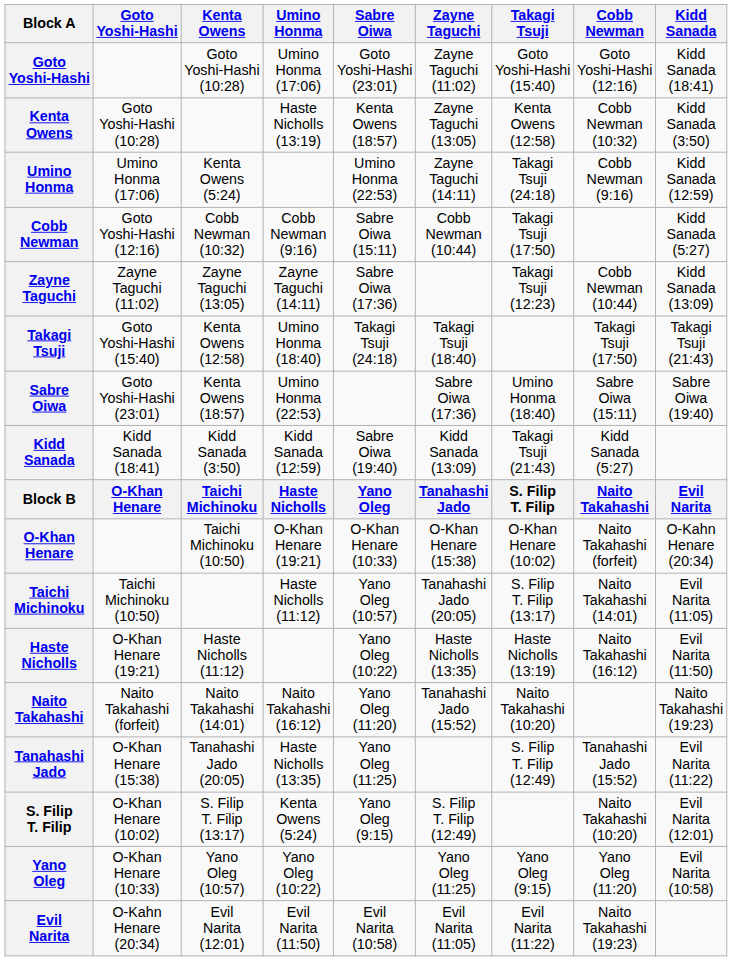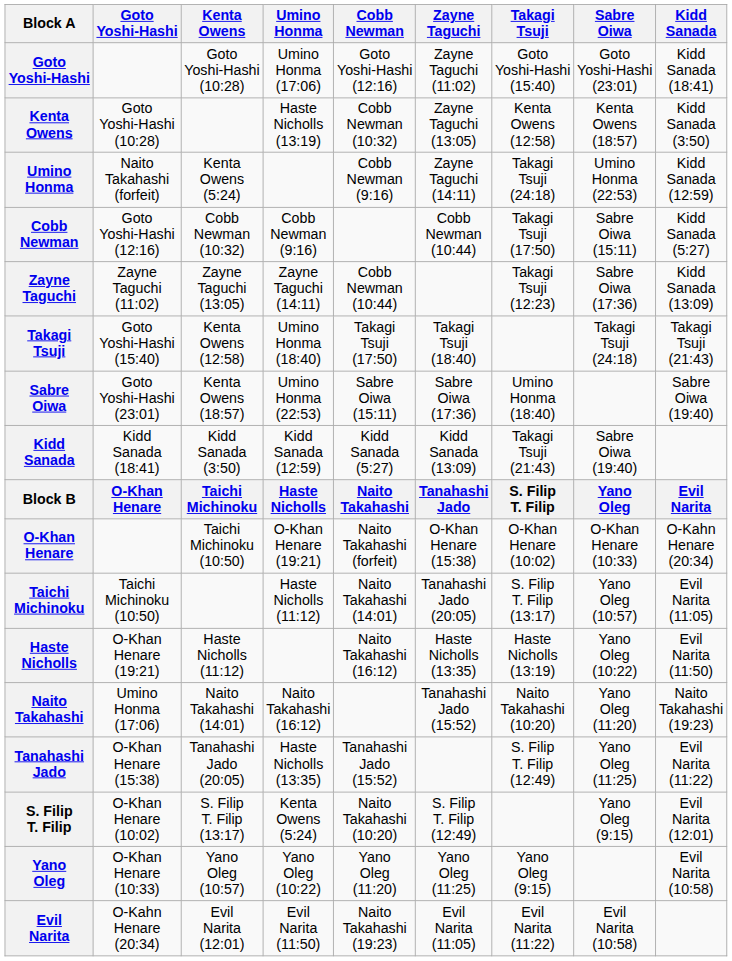 <table class="wikitable" style="text-align:center; margin: 1em auto 1em auto">
 <tr align="center">
 <th>Block A</th>
 <th><a href='#'>Goto</a><br><a href='#'>Yoshi-Hashi</a></th>
 <th><a href='#'>Kenta</a> <br> <a href='#'>Owens</a></th>
 <th><a href='#'>Umino</a> <br> <a href='#'>Honma</a></th>
-<th><a href='#'>Sabre</a> <br> <a href='#'>Oiwa</a></th>
+<th><a href='#'>Cobb</a> <br> <a href='#'>Newman</a></th>
 <th><a href='#'>Zayne</a> <br> <a href='#'>Taguchi</a></th>
 <th><a href='#'>Takagi</a> <br> <a href='#'>Tsuji</a></th>
-<th><a href='#'>Cobb</a> <br> <a href='#'>Newman</a></th>
+<th><a href='#'>Sabre</a> <br> <a href='#'>Oiwa</a></th>
 <th><a href='#'>Kidd</a> <br> <a href='#'>Sanada</a></th>
 </tr>
 <tr align="center">
 <th><a href='#'>Goto</a><br><a href='#'>Yoshi-Hashi</a></th>
 <td></td>
 <td>Goto<br>Yoshi-Hashi<br>(10:28)</td>
 <td>Umino<br>Honma<br>(17:06)</td>
-<td>Goto<br>Yoshi-Hashi<br>(23:01)</td>
+<td>Goto<br>Yoshi-Hashi<br>(12:16)</td>
 <td>Zayne<br>Taguchi<br>(11:02)</td>
 <td>Goto<br>Yoshi-Hashi<br>(15:40)</td>
-<td>Goto<br>Yoshi-Hashi<br>(12:16)</td>
+<td>Goto<br>Yoshi-Hashi<br>(23:01)</td>
 <td>Kidd<br>Sanada<br>(18:41)</td>
 </tr>
 <tr align="center">
 <th><a href='#'>Kenta</a> <br> <a href='#'>Owens</a></th>
 <td>Goto<br>Yoshi-Hashi<br>(10:28)</td>
 <td></td>
 <td>Haste<br>Nicholls<br>(13:19)</td>
-<td>Kenta<br>Owens<br>(18:57)</td>
+<td>Cobb<br>Newman<br>(10:32)</td>
 <td>Zayne<br>Taguchi<br>(13:05)</td>
 <td>Kenta<br>Owens<br>(12:58)</td>
-<td>Cobb<br>Newman<br>(10:32)</td>
+<td>Kenta<br>Owens<br>(18:57)</td>
 <td>Kidd<br>Sanada<br>(3:50)</td>
 </tr>
 <tr align="center">
 <th><a href='#'>Umino</a> <br> <a href='#'>Honma</a></th>
-<td>Umino<br>Honma<br>(17:06)</td>
+<td>Naito<br>Takahashi <br>(forfeit)</td>
 <td>Kenta<br>Owens<br>(5:24)</td>
 <td></td>
-<td>Umino<br>Honma<br>(22:53)</td>
+<td>Cobb<br>Newman<br>(9:16)</td>
 <td>Zayne<br>Taguchi<br>(14:11)</td>
 <td>Takagi<br>Tsuji<br>(24:18)</td>
-<td>Cobb<br>Newman<br>(9:16)</td>
+<td>Umino<br>Honma<br>(22:53)</td>
 <td>Kidd<br>Sanada<br>(12:59)</td>
 </tr>
 <tr align="center">
 <th><a href='#'>Cobb</a> <br> <a href='#'>Newman</a></th>
 <td>Goto<br>Yoshi-Hashi<br>(12:16)</td>
 <td>Cobb<br>Newman<br>(10:32)</td>
 <td>Cobb<br>Newman<br>(9:16)</td>
-<td>Sabre<br>Oiwa<br>(15:11)</td>
+<td></td>
 <td>Cobb<br>Newman<br>(10:44)</td>
 <td>Takagi<br>Tsuji<br>(17:50)</td>
-<td></td>
+<td>Sabre<br>Oiwa<br>(15:11)</td>
 <td>Kidd<br>Sanada<br>(5:27)</td>
 </tr>
 <tr align="center">
 <th><a href='#'>Zayne</a> <br> <a href='#'>Taguchi</a></th>
 <td>Zayne<br>Taguchi<br>(11:02)</td>
 <td>Zayne<br>Taguchi<br>(13:05)</td>
 <td>Zayne<br>Taguchi<br>(14:11)</td>
-<td>Sabre<br>Oiwa<br>(17:36)</td>
+<td>Cobb<br>Newman<br>(10:44)</td>
 <td></td>
 <td>Takagi<br>Tsuji<br>(12:23)</td>
-<td>Cobb<br>Newman<br>(10:44)</td>
+<td>Sabre<br>Oiwa<br>(17:36)</td>
 <td>Kidd<br>Sanada<br>(13:09)</td>
 </tr>
 <tr align="center">
 <th><a href='#'>Takagi</a> <br> <a href='#'>Tsuji</a></th>
 <td>Goto<br>Yoshi-Hashi<br>(15:40)</td>
 <td>Kenta<br>Owens<br>(12:58)</td>
 <td>Umino<br>Honma<br>(18:40)</td>
-<td>Takagi<br>Tsuji<br>(24:18)</td>
+<td>Takagi<br>Tsuji<br>(17:50)</td>
 <td>Takagi<br>Tsuji<br>(18:40)</td>
 <td></td>
-<td>Takagi<br>Tsuji<br>(17:50)</td>
+<td>Takagi<br>Tsuji<br>(24:18)</td>
 <td>Takagi<br>Tsuji<br>(21:43)</td>
 </tr>
 <tr align="center">
 <th><a href='#'>Sabre</a> <br>  <a href='#'>Oiwa</a></th>
 <td>Goto<br>Yoshi-Hashi<br>(23:01)</td>
 <td>Kenta<br>Owens<br>(18:57)</td>
 <td>Umino<br>Honma<br>(22:53)</td>
-<td></td>
+<td>Sabre<br>Oiwa<br>(15:11)</td>
 <td>Sabre<br>Oiwa<br>(17:36)</td>
 <td>Umino<br>Honma<br>(18:40)</td>
-<td>Sabre<br>Oiwa<br>(15:11)</td>
+<td></td>
 <td>Sabre<br>Oiwa<br>(19:40)</td>
 </tr>
 <tr align="center">
 <th><a href='#'>Kidd</a> <br> <a href='#'>Sanada</a></th>
 <td>Kidd<br>Sanada<br>(18:41)</td>
 <td>Kidd<br>Sanada<br>(3:50)</td>
 <td>Kidd<br>Sanada<br>(12:59)</td>
-<td>Sabre<br>Oiwa<br>(19:40)</td>
+<td>Kidd<br>Sanada<br>(5:27)</td>
 <td>Kidd<br>Sanada<br>(13:09)</td>
 <td>Takagi<br>Tsuji<br>(21:43)</td>
-<td>Kidd<br>Sanada<br>(5:27)</td>
+<td>Sabre<br>Oiwa<br>(19:40)</td>
 <td></td>
 </tr>
 <tr align="center">
 <th>Block B</th>
 <th><a href='#'>O-Khan</a> <br> <a href='#'>Henare</a></th>
 <th><a href='#'>Taichi</a> <br> <a href='#'>Michinoku</a></th>
 <th><a href='#'>Haste</a> <br> <a href='#'>Nicholls</a></th>
-<th><a href='#'>Yano</a> <br> <a href='#'>Oleg</a></th>
+<th><a href='#'>Naito</a> <br> <a href='#'>Takahashi</a></th>
 <th><a href='#'>Tanahashi</a> <br> <a href='#'>Jado</a></th>
 <th>S. Filip <br> T. Filip</th>
-<th><a href='#'>Naito</a> <br> <a href='#'>Takahashi</a></th>
+<th><a href='#'>Yano</a> <br> <a href='#'>Oleg</a></th>
 <th><a href='#'>Evil</a> <br> <a href='#'>Narita</a></th>
 </tr>
 <tr align="center">
 <th><a href='#'>O-Khan</a> <br> <a href='#'>Henare</a></th>
 <td></td>
 <td>Taichi<br>Michinoku<br>(10:50)</td>
 <td>O-Khan<br>Henare<br>(19:21)</td>
-<td>O-Khan<br>Henare<br>(10:33)</td>
+<td>Naito<br>Takahashi <br>(forfeit)</td>
 <td>O-Khan<br>Henare<br>(15:38)</td>
 <td>O-Khan<br>Henare<br>(10:02)</td>
-<td>Naito<br>Takahashi <br>(forfeit)</td>
+<td>O-Khan<br>Henare<br>(10:33)</td>
 <td>O-Kahn<br>Henare<br>(20:34)</td>
 </tr>
 <tr align="center">
 <th><a href='#'>Taichi</a> <br> <a href='#'>Michinoku</a></th>
 <td>Taichi<br>Michinoku<br>(10:50)</td>
 <td></td>
 <td>Haste<br>Nicholls<br>(11:12)</td>
-<td>Yano<br>Oleg<br>(10:57)</td>
+<td>Naito<br>Takahashi<br>(14:01)</td>
 <td>Tanahashi<br>Jado<br>(20:05)</td>
 <td>S. Filip<br>T. Filip<br>(13:17)</td>
-<td>Naito<br>Takahashi<br>(14:01)</td>
+<td>Yano<br>Oleg<br>(10:57)</td>
 <td>Evil<br> Narita<br> (11:05)</td>
 </tr>
 <tr align="center">
 <th><a href='#'>Haste</a> <br> <a href='#'>Nicholls</a></th>
 <td>O-Khan<br>Henare<br>(19:21)</td>
 <td>Haste<br>Nicholls<br>(11:12)</td>
 <td></td>
-<td>Yano<br>Oleg<br>(10:22)</td>
+<td>Naito<br>Takahashi<br>(16:12)</td>
 <td>Haste<br>Nicholls<br>(13:35)</td>
 <td>Haste<br>Nicholls<br>(13:19)</td>
-<td>Naito<br>Takahashi<br>(16:12)</td>
+<td>Yano<br>Oleg<br>(10:22)</td>
 <td>Evil<br>Narita<br>(11:50)</td>
 </tr>
 <tr align="center">
 <th><a href='#'>Naito</a> <br> <a href='#'>Takahashi</a></th>
-<td>Naito<br>Takahashi <br>(forfeit)</td>
+<td>Umino<br>Honma<br>(17:06)</td>
 <td>Naito<br>Takahashi<br>(14:01)</td>
 <td>Naito<br>Takahashi<br>(16:12)</td>
-<td>Yano<br>Oleg<br>(11:20)</td>
+<td></td>
 <td>Tanahashi<br>Jado<br>(15:52)</td>
 <td>Naito<br>Takahashi<br>(10:20)</td>
-<td></td>
+<td>Yano<br>Oleg<br>(11:20)</td>
 <td>Naito<br>Takahashi<br>(19:23)</td>
 </tr>
 <tr align="center">
 <th><a href='#'>Tanahashi</a> <br> <a href='#'>Jado</a></th>
 <td>O-Khan<br>Henare<br>(15:38)</td>
 <td>Tanahashi<br>Jado<br>(20:05)</td>
 <td>Haste<br>Nicholls<br>(13:35)</td>
-<td>Yano<br>Oleg<br>(11:25)</td>
+<td>Tanahashi<br>Jado<br>(15:52)</td>
 <td></td>
 <td>S. Filip<br>T. Filip<br>(12:49)</td>
-<td>Tanahashi<br>Jado<br>(15:52)</td>
+<td>Yano<br>Oleg<br>(11:25)</td>
 <td>Evil<br>Narita<br> (11:22)</td>
 </tr>
 <tr align="center">
 <th>S. Filip <br> T. Filip</th>
 <td>O-Khan<br>Henare<br>(10:02)</td>
 <td>S. Filip<br>T. Filip<br>(13:17)</td>
 <td>Kenta<br>Owens<br>(5:24)</td>
-<td>Yano<br>Oleg<br>(9:15)</td>
+<td>Naito<br>Takahashi<br>(10:20)</td>
 <td>S. Filip<br>T. Filip<br>(12:49)</td>
 <td></td>
-<td>Naito<br>Takahashi<br>(10:20)</td>
+<td>Yano<br>Oleg<br>(9:15)</td>
 <td>Evil<br>Narita<br>(12:01)</td>
 </tr>
 <tr align="center">
 <th><a href='#'>Yano</a> <br> <a href='#'>Oleg</a></th>
 <td>O-Khan<br>Henare<br>(10:33)</td>
 <td>Yano<br>Oleg<br>(10:57)</td>
 <td>Yano<br>Oleg<br>(10:22)</td>
-<td></td>
+<td>Yano<br>Oleg<br>(11:20)</td>
 <td>Yano<br>Oleg<br>(11:25)</td>
 <td>Yano<br>Oleg<br>(9:15)</td>
-<td>Yano<br>Oleg<br>(11:20)</td>
+<td></td>
 <td>Evil<br>Narita<br>(10:58)</td>
 </tr>
 <tr align="center">
 <th><a href='#'>Evil</a> <br> <a href='#'>Narita</a></th>
 <td>O-Kahn<br>Henare<br>(20:34)</td>
 <td>Evil<br>Narita<br>(12:01)</td>
 <td>Evil<br>Narita<br>(11:50)</td>
-<td>Evil<br>Narita<br>(10:58)</td>
+<td>Naito<br>Takahashi<br>(19:23)</td>
 <td>Evil<br> Narita<br> (11:05)</td>
 <td>Evil<br>Narita<br> (11:22)</td>
-<td>Naito<br>Takahashi<br>(19:23)</td>
+<td>Evil<br>Narita<br>(10:58)</td>
 <td></td>
 </tr>
 </table>
